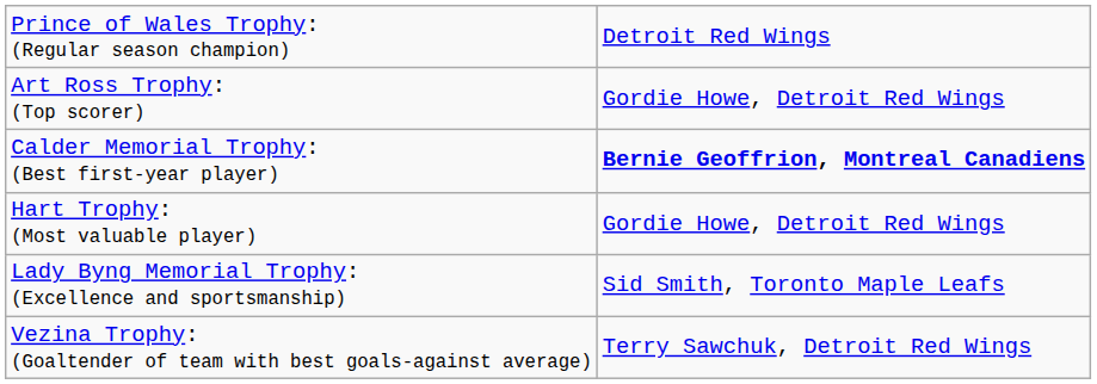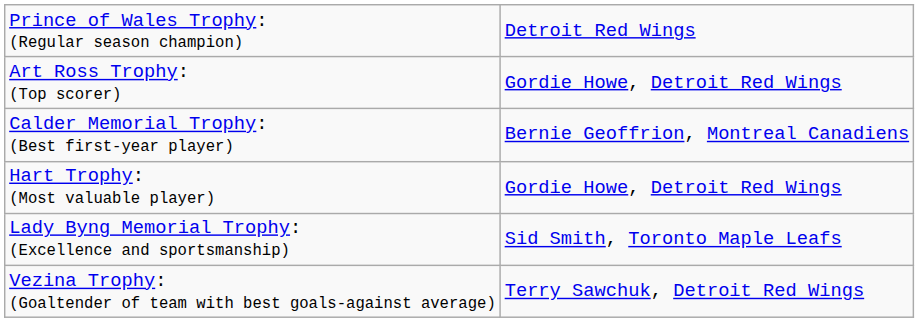 <table class="wikitable">
 <tr>
 <td><a href='#'>Prince of Wales Trophy</a>:<br><small>(Regular season champion)</small></td>
 <td><a href='#'>Detroit Red Wings</a></td>
 </tr>
 <tr>
 <td><a href='#'>Art Ross Trophy</a>:<br><small>(Top scorer)</small></td>
 <td><a href='#'>Gordie Howe</a>, <a href='#'>Detroit Red Wings</a></td>
 </tr>
 <tr>
 <td><a href='#'>Calder Memorial Trophy</a>:<br><small>(Best first-year player)</small></td>
-<td><strong><a href='#'>Bernie Geoffrion</a>, <a href='#'>Montreal Canadiens</a></strong></td>
+<td><a href='#'>Bernie Geoffrion</a>, <a href='#'>Montreal Canadiens</a></td>
 </tr>
 <tr>
 <td><a href='#'>Hart Trophy</a>:<br><small>(Most valuable player)</small></td>
 <td><a href='#'>Gordie Howe</a>, <a href='#'>Detroit Red Wings</a></td>
 </tr>
 <tr>
 <td><a href='#'>Lady Byng Memorial Trophy</a>:<br><small>(Excellence and sportsmanship)</small></td>
 <td><a href='#'>Sid Smith</a>, <a href='#'>Toronto Maple Leafs</a></td>
 </tr>
 <tr>
 <td><a href='#'>Vezina Trophy</a>:<br><small>(Goaltender of team with best goals-against average)</small></td>
 <td><a href='#'>Terry Sawchuk</a>, <a href='#'>Detroit Red Wings</a></td>
 </tr>
 </table>
